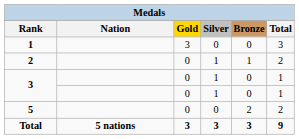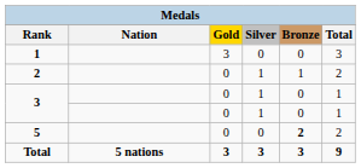 <table class="wikitable" style="text-align:center">
 <tr>
 <td colspan="6" style="background:#BCD4E6"><strong>Medals</strong></td>
 </tr>
 <tr>
 </tr>
 <tr style="background-color:#EDEDED;">
 <th width="75px" class="hintergrundfarbe5">Rank</th>
 <th width="175px" class="hintergrundfarbe6">Nation</th>
 <th style="background:    gold; width:35px ">Gold</th>
 <th style="background:  silver; width:35px ">Silver</th>
 <th style="background: #CC9966; width:35px ">Bronze</th>
 <th width="35px">Total</th>
 </tr>
 <tr>
 <td><strong>1</strong></td>
 <td align=left></td>
 <td>3</td>
 <td>0</td>
 <td>0</td>
 <td>3</td>
 </tr>
 <tr>
 <td><strong>2</strong></td>
 <td align="left"></td>
 <td>0</td>
 <td>1</td>
 <td>1</td>
 <td>2</td>
 </tr>
 <tr>
 <td rowspan="2"><strong>3</strong></td>
 <td align="left"></td>
 <td>0</td>
 <td>1</td>
 <td>0</td>
 <td>1</td>
 </tr>
 <tr>
 <td align="left"></td>
 <td>0</td>
 <td>1</td>
 <td>0</td>
 <td>1</td>
 </tr>
 <tr>
 <td><strong>5</strong></td>
 <td align="left"></td>
 <td>0</td>
 <td>0</td>
-<td>2</td>
+<td><strong>2</strong></td>
 <td>2</td>
 </tr>
 <tr>
 <td><strong>Total</strong></td>
 <td><strong>5 nations</strong></td>
 <td><strong>3</strong></td>
 <td><strong>3</strong></td>
 <td><strong>3</strong></td>
 <td><strong>9</strong></td>
 </tr>
 </table>
